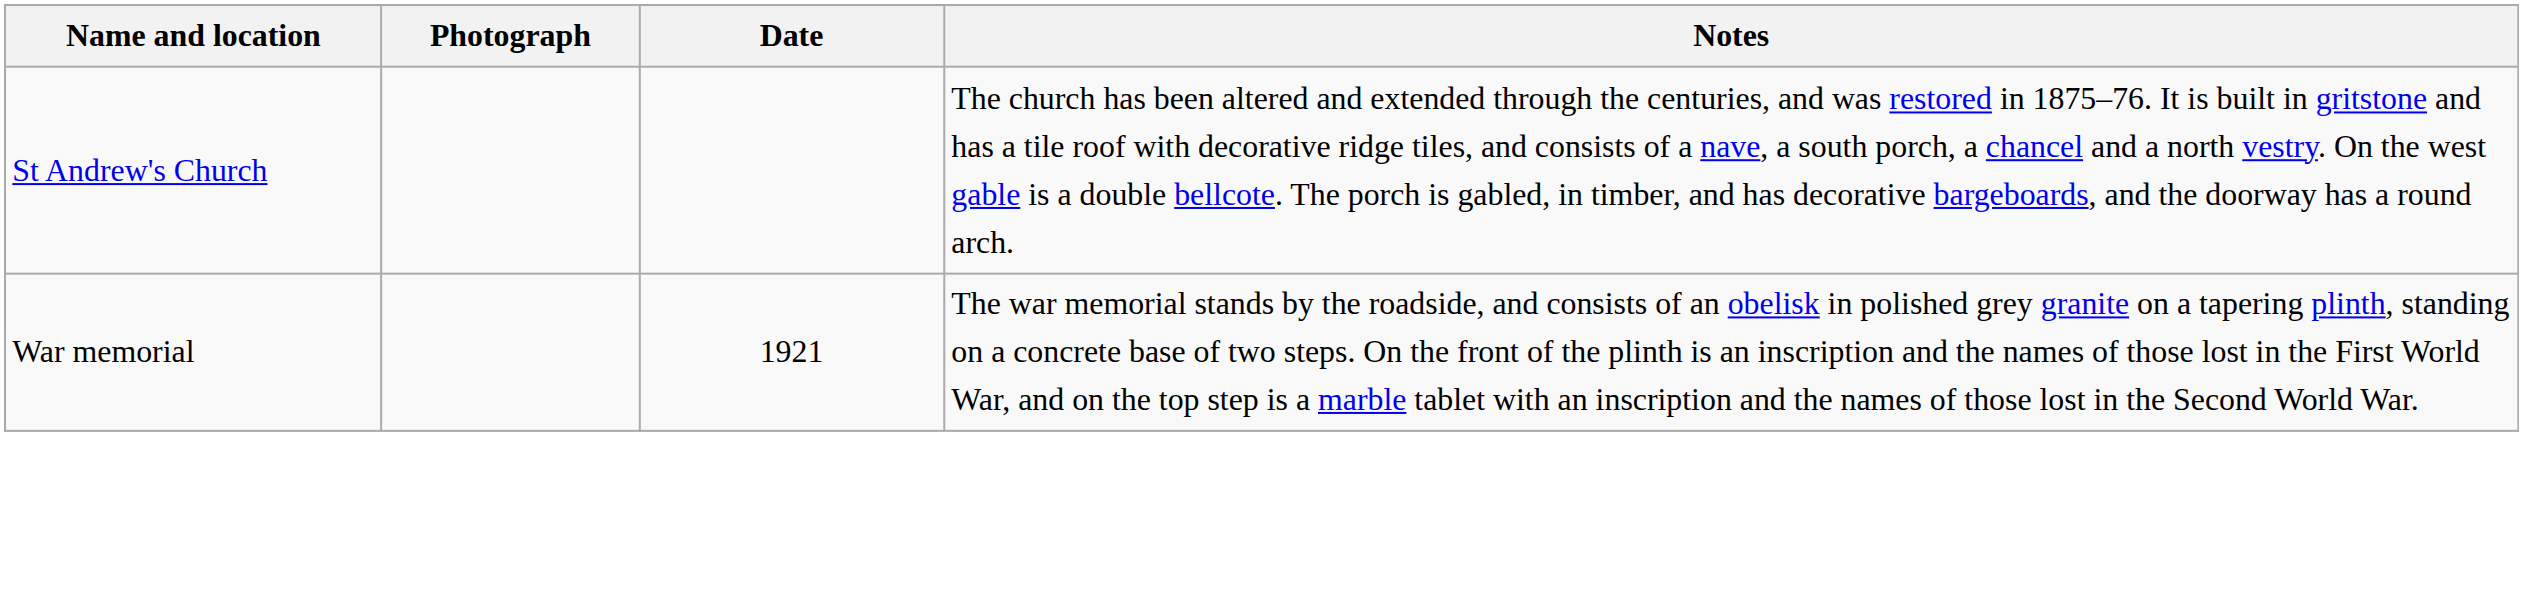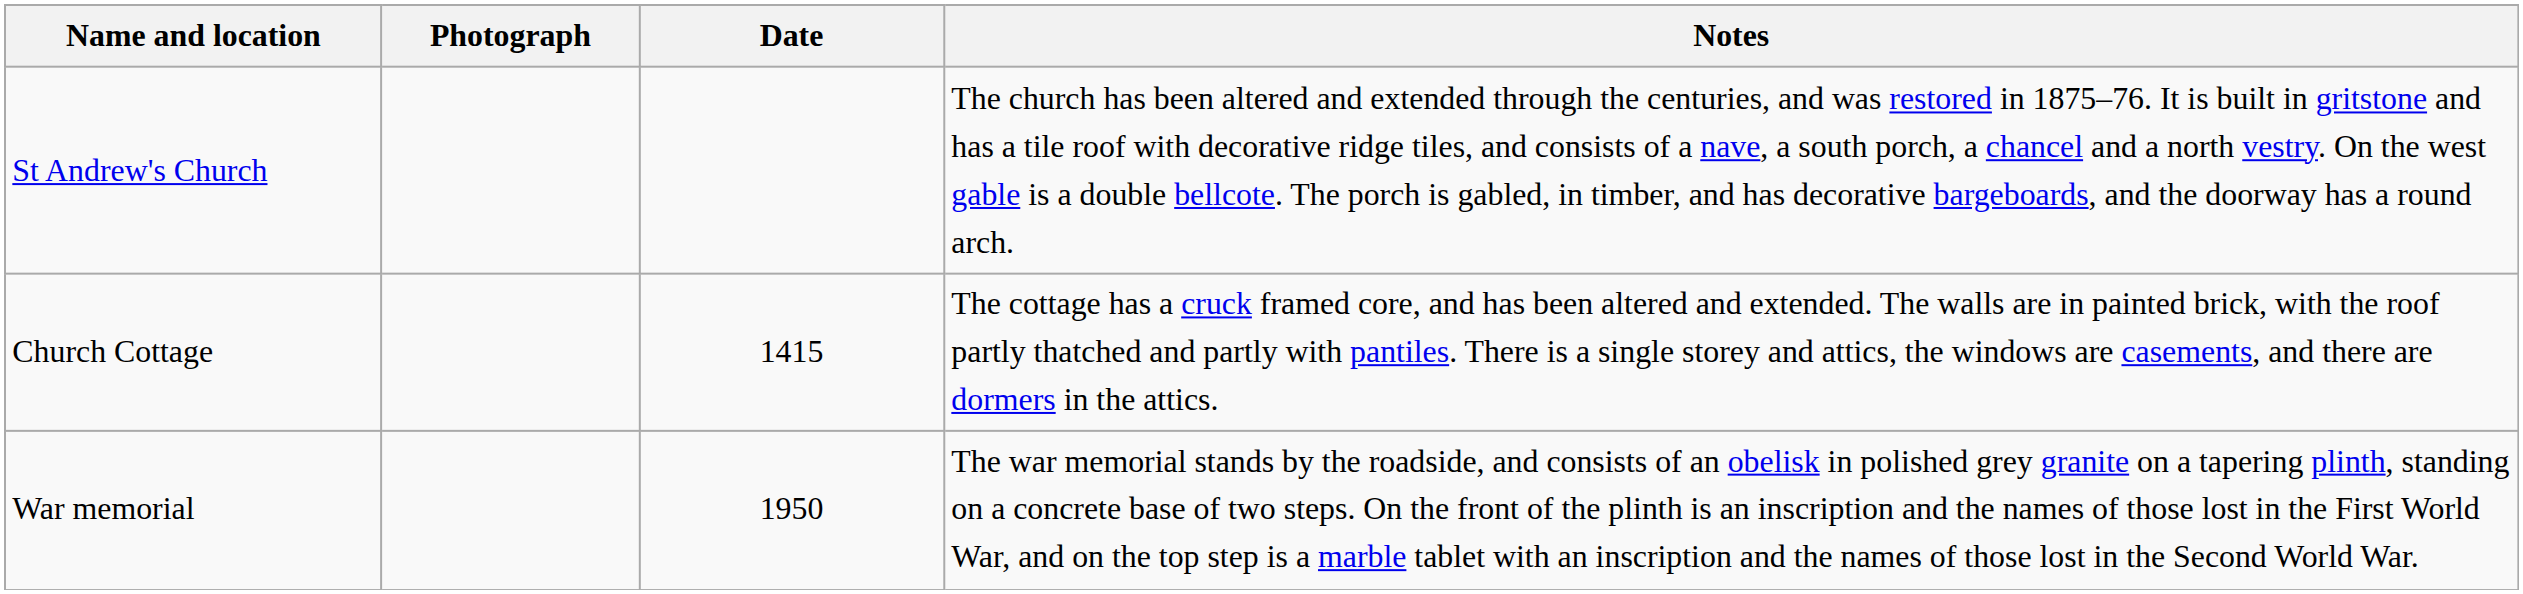 <table class="wikitable sortable plainrowheaders" style="width:100%;border:0px;text-align:left;line-height:150%;">
 <tr>
 <th scope="col"  style="width:150px">Name and location</th>
 <th scope="col"  style="width:100px" class="unsortable">Photograph</th>
 <th scope="col"  style="width:120px">Date</th>
 <th scope="col"  style="width:650px" class="unsortable">Notes</th>
 </tr>
 <tr>
 <td><a href='#'>St Andrew's Church</a><br><small></small></td>
 <td></td>
 <td align="center"></td>
 <td>The church has been altered and extended through the centuries, and was <a href='#'>restored</a> in 1875–76.  It is built in <a href='#'>gritstone</a> and has a tile roof with decorative ridge tiles, and consists of a <a href='#'>nave</a>, a south porch, a <a href='#'>chancel</a> and a north <a href='#'>vestry</a>.  On the west <a href='#'>gable</a> is a double <a href='#'>bellcote</a>.  The porch is gabled, in timber, and has decorative <a href='#'>bargeboards</a>, and the doorway has a round arch.</td>
 </tr>
 <tr>
+<td>Church Cottage<br><small></small></td>
+<td></td>
+<td align="center">1415</td>
+<td>The cottage has a <a href='#'>cruck</a> framed core, and has been altered and extended.  The walls are in painted brick, with the roof partly thatched and partly with <a href='#'>pantiles</a>.  There is a single storey and attics, the windows are <a href='#'>casements</a>, and there are <a href='#'>dormers</a> in the attics.</td>
+</tr>
+<tr>
 <td>War memorial<br><small></small></td>
 <td></td>
-<td align="center">1921</td>
+<td align="center">1950</td>
 <td>The war memorial stands by the roadside, and consists of an <a href='#'>obelisk</a> in polished grey <a href='#'>granite</a> on a tapering <a href='#'>plinth</a>, standing on a concrete base of two steps.  On the front of the plinth is an inscription and the names of those lost in the First World War, and on the top step is a <a href='#'>marble</a> tablet with an inscription and the names of those lost in the Second World War.</td>
 </tr>
 <tr>
 </tr>
 </table>
